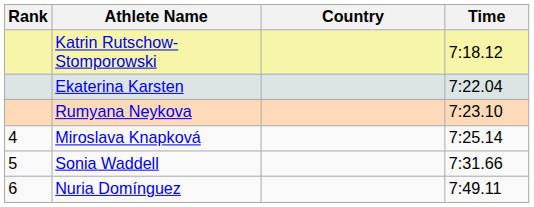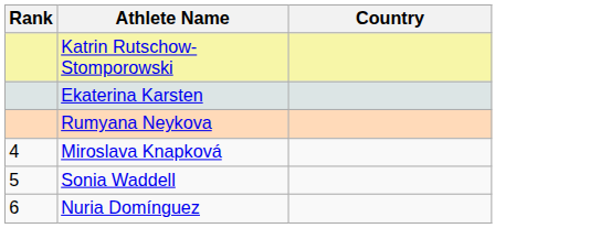 <table class="wikitable sortable">
 <tr>
 <th width=25>Rank</th>
 <th width=200>Athlete Name</th>
 <th width=175>Country</th>
-<th width=75>Time</th>
 </tr>
 <tr style="background:#F7F6A8;”">
 <td></td>
 <td><a href='#'>Katrin Rutschow-Stomporowski</a></td>
 <td></td>
-<td>7:18.12</td>
 </tr>
 <tr style="background:#DCE5E5;”">
 <td></td>
 <td><a href='#'>Ekaterina Karsten</a></td>
 <td></td>
-<td>7:22.04</td>
 </tr>
 <tr style="background:#FFDAB9;">
 <td></td>
 <td><a href='#'>Rumyana Neykova</a></td>
 <td></td>
-<td>7:23.10</td>
 </tr>
 <tr>
 <td>4</td>
 <td><a href='#'>Miroslava Knapková</a></td>
 <td></td>
-<td>7:25.14</td>
 </tr>
 <tr>
 <td>5</td>
 <td><a href='#'>Sonia Waddell</a></td>
 <td></td>
-<td>7:31.66</td>
 </tr>
 <tr>
 <td>6</td>
 <td><a href='#'>Nuria Domínguez</a></td>
 <td></td>
-<td>7:49.11</td>
 </tr>
 </table>
